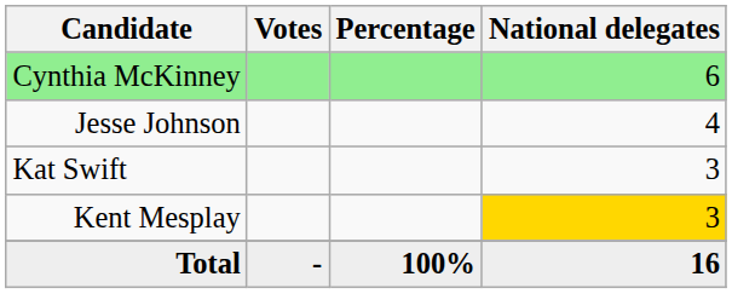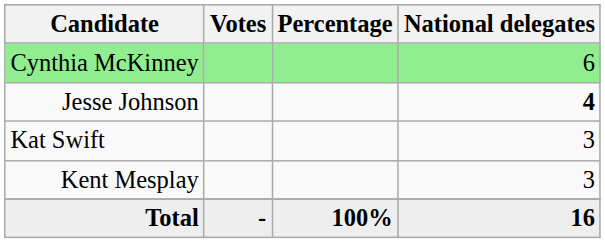 <table class="wikitable" style=" text-align:right;">
 <tr>
 <th>Candidate</th>
 <th>Votes</th>
 <th>Percentage</th>
 <th>National delegates</th>
 </tr>
 <tr style="background:lightgreen;">
 <td>Cynthia McKinney</td>
 <td></td>
 <td></td>
 <td>6</td>
 </tr>
 <tr>
 <td>Jesse Johnson</td>
 <td></td>
 <td></td>
-<td>4</td>
+<td><strong>4</strong></td>
 </tr>
 <tr>
 <td style="text-align:left;">Kat Swift</td>
 <td></td>
 <td></td>
 <td>3</td>
 </tr>
 <tr>
 <td>Kent Mesplay</td>
 <td></td>
 <td></td>
-<td style="background: gold;">3</td>
+<td>3</td>
 </tr>
 <tr>
 </tr>
 <tr style="background:#eee;">
 <td style="margin-right:0.50px"><strong>Total</strong></td>
 <td style="margin-right:0.50px"><strong>-</strong></td>
 <td style="margin-right:0.50px"><strong>100%</strong></td>
 <td style="margin-right:0.50px"><strong>16</strong></td>
 </tr>
 </table>
